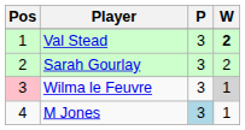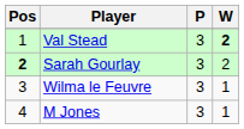 <table class="wikitable">
 <tr>
 <th width=20>Pos</th>
 <th width=150>Player</th>
 <th width=20>P</th>
 <th width=20>W</th>
 </tr>
 <tr>
 </tr>
 <tr align=center style="background: #ccffcc;">
 <td>1</td>
 <td align="left"> <a href='#'>Val Stead</a></td>
 <td>3</td>
 <td><strong>2</strong></td>
 </tr>
 <tr align=center style="background: #ccffcc;">
-<td>2</td>
+<td><strong>2</strong></td>
 <td align="left"> <a href='#'>Sarah Gourlay</a></td>
 <td>3</td>
 <td>2</td>
 </tr>
 <tr align=center>
-<td style="background: pink;">3</td>
+<td>3</td>
 <td align="left"> <a href='#'>Wilma le Feuvre</a></td>
 <td>3</td>
-<td style="background: lightgrey;">1</td>
+<td>1</td>
 </tr>
 <tr align=center>
 <td>4</td>
 <td align="left"> <a href='#'>M Jones</a></td>
-<td style="background: lightblue;">3</td>
+<td>3</td>
 <td>1</td>
 </tr>
 </table>
